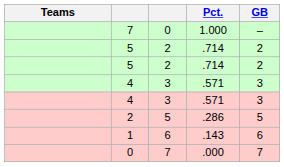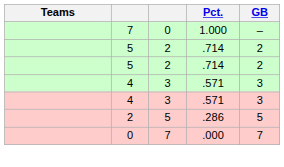 <table class="wikitable" width="400" style=text-align:center;">
 <tr>
 <th width="20%">Teams</th>
 <th width="7%"></th>
 <th width="7%"></th>
 <th width="8%"><a href='#'>Pct.</a></th>
 <th width="7%"><a href='#'>GB</a></th>
 </tr>
 <tr style="background-color:#cfc">
 <td align=left></td>
 <td>7</td>
 <td>0</td>
 <td>1.000</td>
 <td>–</td>
 </tr>
 <tr style="background-color:#cfc">
 <td align=left></td>
 <td>5</td>
 <td>2</td>
 <td>.714</td>
 <td>2</td>
 </tr>
 <tr style="background-color:#cfc">
 <td align=left></td>
 <td>5</td>
 <td>2</td>
 <td>.714</td>
 <td>2</td>
 </tr>
 <tr style="background-color:#cfc">
 <td align=left></td>
 <td>4</td>
 <td>3</td>
 <td>.571</td>
 <td>3</td>
 </tr>
 <tr style="background-color:#fcc">
 <td align=left></td>
 <td>4</td>
 <td>3</td>
 <td>.571</td>
 <td>3</td>
 </tr>
 <tr style="background-color:#fcc">
 <td align=left></td>
 <td>2</td>
 <td>5</td>
 <td>.286</td>
 <td>5</td>
 </tr>
 <tr style="background-color:#fcc">
 <td align=left></td>
-<td>1</td>
-<td>6</td>
-<td>.143</td>
-<td>6</td>
-</tr>
-<tr style="background-color:#fcc">
-<td align=left></td>
 <td>0</td>
 <td>7</td>
 <td>.000</td>
 <td>7</td>
 </tr>
 </table>
